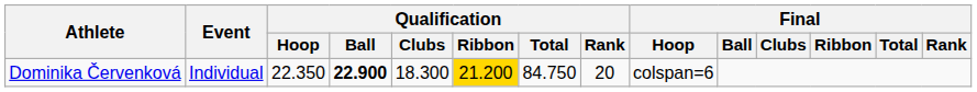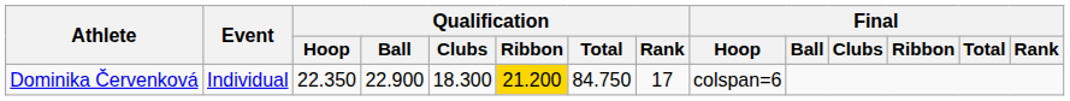 <table class=wikitable style="font-size:90%">
 <tr>
 <th rowspan="2">Athlete</th>
 <th rowspan="2">Event</th>
 <th colspan=6>Qualification</th>
 <th colspan=6>Final</th>
 </tr>
 <tr style="font-size:95%">
 <th>Hoop</th>
 <th>Ball</th>
 <th>Clubs</th>
 <th>Ribbon</th>
 <th>Total</th>
 <th>Rank</th>
 <th>Hoop</th>
 <th>Ball</th>
 <th>Clubs</th>
 <th>Ribbon</th>
 <th>Total</th>
 <th>Rank</th>
 </tr>
 <tr align=center>
 <td align=left><a href='#'>Dominika Červenková</a></td>
 <td align=left><a href='#'>Individual</a></td>
 <td>22.350</td>
-<td><strong>22.900</strong></td>
+<td>22.900</td>
 <td>18.300</td>
 <td style="background: gold;">21.200</td>
 <td>84.750</td>
-<td>20</td>
+<td>17</td>
 <td>colspan=6 </td>
 </tr>
 </table>
